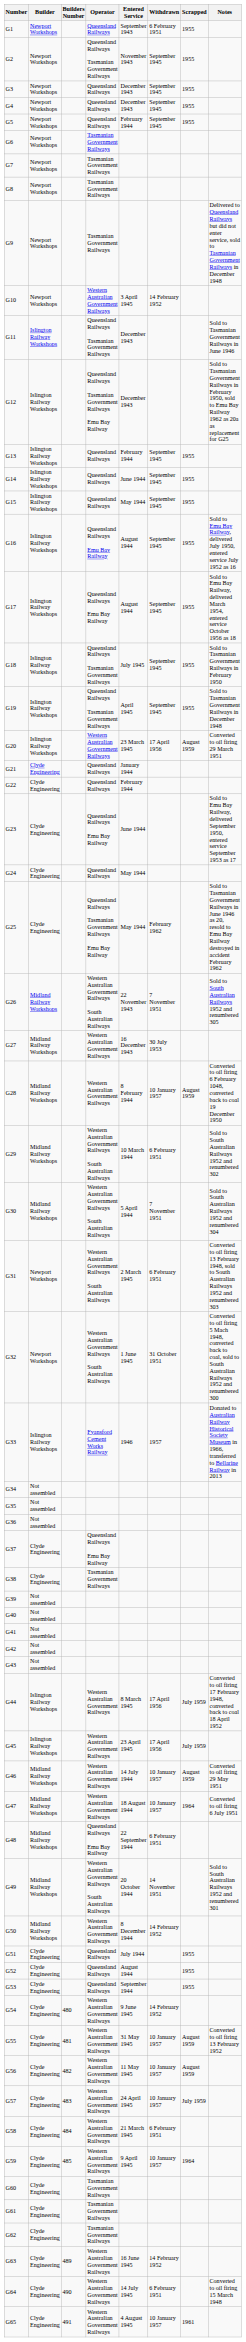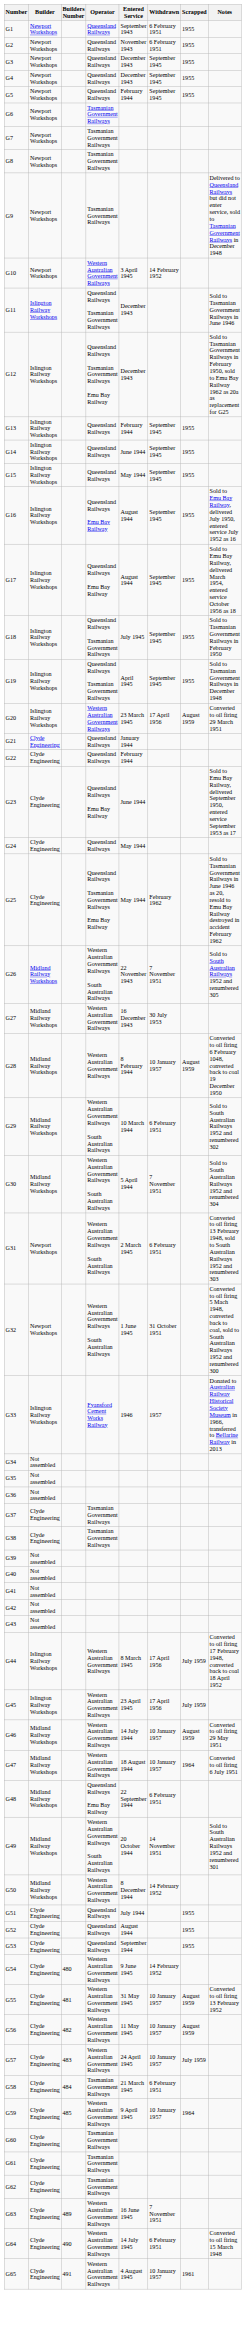 <table class="wikitable mw-collapsible mw-collapsed">
 <tr>
 <th>Number</th>
 <th>Builder</th>
 <th>Builders Number</th>
 <th>Operator</th>
 <th>Entered Service</th>
 <th>Withdrawn</th>
 <th>Scrapped</th>
 <th>Notes</th>
 </tr>
 <tr>
 <td>G1</td>
 <td><a href='#'>Newport Workshops</a></td>
 <td></td>
 <td><a href='#'>Queensland Railways</a></td>
 <td>September 1943</td>
 <td>6 February 1951</td>
 <td>1955</td>
 <td></td>
 </tr>
 <tr>
 <td>G2</td>
 <td>Newport Workshops</td>
 <td></td>
-<td>Queensland Railways<br><br>Tasmanian Government Railways</td>
+<td>Queensland Railways</td>
 <td>November 1943</td>
-<td>September 1945</td>
+<td>6 February 1951</td>
 <td>1955</td>
 <td></td>
 </tr>
 <tr>
 <td>G3</td>
 <td>Newport Workshops</td>
 <td></td>
 <td>Queensland Railways</td>
 <td>December 1943</td>
 <td>September 1945</td>
 <td>1955</td>
 <td></td>
 </tr>
 <tr>
 <td>G4</td>
 <td>Newport Workshops</td>
 <td></td>
 <td>Queensland Railways</td>
 <td>December 1943</td>
 <td>September 1945</td>
 <td>1955</td>
 <td></td>
 </tr>
 <tr>
 <td>G5</td>
 <td>Newport Workshops</td>
 <td></td>
 <td>Queensland Railways</td>
 <td>February 1944</td>
 <td>September 1945</td>
 <td>1955</td>
 <td></td>
 </tr>
 <tr>
 <td>G6</td>
 <td>Newport Workshops</td>
 <td></td>
 <td><a href='#'>Tasmanian Government Railways</a></td>
 <td></td>
 <td></td>
 <td></td>
 <td></td>
 </tr>
 <tr>
 <td>G7</td>
 <td>Newport Workshops</td>
 <td></td>
 <td>Tasmanian Government Railways</td>
 <td></td>
 <td></td>
 <td></td>
 <td></td>
 </tr>
 <tr>
 <td>G8</td>
 <td>Newport Workshops</td>
 <td></td>
 <td>Tasmanian Government Railways</td>
 <td></td>
 <td></td>
 <td></td>
 <td></td>
 </tr>
 <tr>
 <td>G9</td>
 <td>Newport Workshops</td>
 <td></td>
 <td>Tasmanian Government Railways</td>
 <td></td>
 <td></td>
 <td></td>
 <td>Delivered to <a href='#'>Queensland Railways</a> but did not enter service, sold to <a href='#'>Tasmanian Government Railways</a> in December 1948</td>
 </tr>
 <tr>
 <td>G10</td>
 <td>Newport Workshops</td>
 <td></td>
 <td><a href='#'>Western Australian Government Railways</a></td>
 <td>3 April 1945</td>
 <td>14 February 1952</td>
 <td></td>
 <td></td>
 </tr>
 <tr>
 <td>G11</td>
 <td><a href='#'>Islington Railway Workshops</a></td>
 <td></td>
 <td>Queensland Railways<br><br>Tasmanian Government Railways</td>
 <td>December 1943</td>
 <td></td>
 <td></td>
 <td>Sold to Tasmanian Government Railways in June 1946</td>
 </tr>
 <tr>
 <td>G12</td>
 <td>Islington Railway Workshops</td>
 <td></td>
 <td>Queensland Railways<br><br>Tasmanian Government Railways<br><br>Emu Bay Railway</td>
 <td>December 1943</td>
 <td></td>
 <td></td>
 <td>Sold to Tasmanian Government Railways in February 1950, sold to Emu Bay Railway 1962 as 20a as replacement for G25</td>
 </tr>
 <tr>
 <td>G13</td>
 <td>Islington Railway Workshops</td>
 <td></td>
 <td>Queensland Railways</td>
 <td>February 1944</td>
 <td>September 1945</td>
 <td>1955</td>
 <td></td>
 </tr>
 <tr>
 <td>G14</td>
 <td>Islington Railway Workshops</td>
 <td></td>
 <td>Queensland Railways</td>
 <td>June 1944</td>
 <td>September 1945</td>
 <td>1955</td>
 <td></td>
 </tr>
 <tr>
 <td>G15</td>
 <td>Islington Railway Workshops</td>
 <td></td>
 <td>Queensland Railways</td>
 <td>May 1944</td>
 <td>September 1945</td>
 <td>1955</td>
 <td></td>
 </tr>
 <tr>
 <td>G16</td>
 <td>Islington Railway Workshops</td>
 <td></td>
 <td>Queensland Railways<br><br><a href='#'>Emu Bay Railway</a></td>
 <td>August 1944</td>
 <td>September 1945</td>
 <td>1955</td>
 <td>Sold to <a href='#'>Emu Bay Railway</a>, delivered July 1950, entered service July 1952 as 16</td>
 </tr>
 <tr>
 <td>G17</td>
 <td>Islington Railway Workshops</td>
 <td></td>
 <td>Queensland Railways<br><br>Emu Bay Railway</td>
 <td>August 1944</td>
 <td>September 1945</td>
 <td>1955</td>
 <td>Sold to Emu Bay Railway, delivered March 1954, entered service October 1956 as 18</td>
 </tr>
 <tr>
 <td>G18</td>
 <td>Islington Railway Workshops</td>
 <td></td>
 <td>Queensland Railways<br><br>Tasmanian Government Railways</td>
 <td>July 1945</td>
 <td>September 1945</td>
 <td>1955</td>
 <td>Sold to Tasmanian Government Railways in February 1950</td>
 </tr>
 <tr>
 <td>G19</td>
 <td>Islington Railway Workshops</td>
 <td></td>
 <td>Queensland Railways<br><br>Tasmanian Government Railways</td>
 <td>April 1945</td>
 <td>September 1945</td>
 <td>1955</td>
 <td>Sold to Tasmanian Government Railways in December 1948</td>
 </tr>
 <tr>
 <td>G20</td>
 <td>Islington Railway Workshops</td>
 <td></td>
 <td><a href='#'>Western Australian Government Railways</a></td>
 <td>23 March 1945</td>
 <td>17 April 1956</td>
 <td>August 1959</td>
 <td>Converted to oil firing 29 March 1951</td>
 </tr>
 <tr>
 <td>G21</td>
 <td><a href='#'>Clyde Engineering</a></td>
 <td></td>
 <td>Queensland Railways</td>
 <td>January 1944</td>
 <td></td>
 <td></td>
 <td></td>
 </tr>
 <tr>
 <td>G22</td>
 <td>Clyde Engineering</td>
 <td></td>
 <td>Queensland Railways</td>
 <td>February 1944</td>
 <td></td>
 <td></td>
 <td></td>
 </tr>
 <tr>
 <td>G23</td>
 <td>Clyde Engineering</td>
 <td></td>
 <td>Queensland Railways<br><br>Emu Bay Railway</td>
 <td>June 1944</td>
 <td></td>
 <td></td>
 <td>Sold to Emu Bay Railway, delivered September 1950, entered service September 1953 as 17</td>
 </tr>
 <tr>
 <td>G24</td>
 <td>Clyde Engineering</td>
 <td></td>
 <td>Queensland Railways</td>
 <td>May 1944</td>
 <td></td>
 <td></td>
 <td></td>
 </tr>
 <tr>
 <td>G25</td>
 <td>Clyde Engineering</td>
 <td></td>
 <td>Queensland Railways<br><br>Tasmanian Government Railways<br><br>Emu Bay Railway</td>
 <td>May 1944</td>
 <td>February 1962</td>
 <td></td>
 <td>Sold to Tasmanian Government Railways in June 1946 as 20, resold to Emu Bay Railway destroyed in accident February 1962</td>
 </tr>
 <tr>
 <td>G26</td>
 <td><a href='#'>Midland Railway Workshops</a></td>
 <td></td>
 <td>Western Australian Government Railways<br><br>South Australian Railways</td>
 <td>22 November 1943</td>
 <td>7 November 1951</td>
 <td></td>
 <td>Sold to <a href='#'>South Australian Railways</a> 1952 and renumbered 305</td>
 </tr>
 <tr>
 <td>G27</td>
 <td>Midland Railway Workshops</td>
 <td></td>
 <td>Western Australian Government Railways</td>
 <td>16 December 1943</td>
 <td>30 July 1953</td>
 <td></td>
 <td></td>
 </tr>
 <tr>
 <td>G28</td>
 <td>Midland Railway Workshops</td>
 <td></td>
 <td>Western Australian Government Railways</td>
 <td>8 February 1944</td>
 <td>10 January 1957</td>
 <td>August 1959</td>
 <td>Converted to oil firing 6 February 1048, converted back to coal 19 December 1950</td>
 </tr>
 <tr>
 <td>G29</td>
 <td>Midland Railway Workshops</td>
 <td></td>
 <td>Western Australian Government Railways<br><br>South Australian Railways</td>
 <td>10 March 1944</td>
 <td>6 February 1951</td>
 <td></td>
 <td>Sold to South Australian Railways 1952 and renumbered 302</td>
 </tr>
 <tr>
 <td>G30</td>
 <td>Midland Railway Workshops</td>
 <td></td>
 <td>Western Australian Government Railways<br><br>South Australian Railways</td>
 <td>5 April 1944</td>
 <td>7 November 1951</td>
 <td></td>
 <td>Sold to South Australian Railways 1952 and renumbered 304</td>
 </tr>
 <tr>
 <td>G31</td>
 <td>Newport Workshops</td>
 <td></td>
 <td>Western Australian Government Railways<br><br>South Australian Railways</td>
 <td>2 March 1945</td>
 <td>6 February 1951</td>
 <td></td>
 <td>Converted to oil firing 13 February 1948, sold to South Australian Railways 1952 and renumbered 303</td>
 </tr>
 <tr>
 <td>G32</td>
 <td>Newport Workshops</td>
 <td></td>
 <td>Western Australian Government Railways<br><br>South Australian Railways</td>
 <td>1 June 1945</td>
 <td>31 October 1951</td>
 <td></td>
 <td>Converted to oil firing 5 Mach 1948, converted back to coal, sold to South Australian Railways 1952 and renumbered 300</td>
 </tr>
 <tr>
 <td>G33</td>
 <td>Islington Railway Workshops</td>
 <td></td>
 <td><a href='#'>Fyansford Cement Works Railway</a></td>
 <td>1946</td>
 <td>1957</td>
 <td></td>
 <td>Donated to <a href='#'>Australian Railway Historical Society Museum</a> in 1966, transferred to <a href='#'>Bellarine Railway</a> in 2013</td>
 </tr>
 <tr>
 <td>G34</td>
 <td>Not assembled</td>
 <td></td>
 <td></td>
 <td></td>
 <td></td>
 <td></td>
 <td></td>
 </tr>
 <tr>
 <td>G35</td>
 <td>Not assembled</td>
 <td></td>
 <td></td>
 <td></td>
 <td></td>
 <td></td>
 <td></td>
 </tr>
 <tr>
 <td>G36</td>
 <td>Not assembled</td>
 <td></td>
 <td></td>
 <td></td>
 <td></td>
 <td></td>
 <td></td>
 </tr>
 <tr>
 <td>G37</td>
 <td>Clyde Engineering</td>
 <td></td>
-<td>Queensland Railways<br><br>Emu Bay Railway</td>
+<td>Tasmanian Government Railways</td>
 <td></td>
 <td></td>
 <td></td>
 <td></td>
 </tr>
 <tr>
 <td>G38</td>
 <td>Clyde Engineering</td>
 <td></td>
 <td>Tasmanian Government Railways</td>
 <td></td>
 <td></td>
 <td></td>
 <td></td>
 </tr>
 <tr>
 <td>G39</td>
 <td>Not assembled</td>
 <td></td>
 <td></td>
 <td></td>
 <td></td>
 <td></td>
 <td></td>
 </tr>
 <tr>
 <td>G40</td>
 <td>Not assembled</td>
 <td></td>
 <td></td>
 <td></td>
 <td></td>
 <td></td>
 <td></td>
 </tr>
 <tr>
 <td>G41</td>
 <td>Not assembled</td>
 <td></td>
 <td></td>
 <td></td>
 <td></td>
 <td></td>
 <td></td>
 </tr>
 <tr>
 <td>G42</td>
 <td>Not assembled</td>
 <td></td>
 <td></td>
 <td></td>
 <td></td>
 <td></td>
 <td></td>
 </tr>
 <tr>
 <td>G43</td>
 <td>Not assembled</td>
 <td></td>
 <td></td>
 <td></td>
 <td></td>
 <td></td>
 <td></td>
 </tr>
 <tr>
 <td>G44</td>
 <td>Islington Railway Workshops</td>
 <td></td>
 <td>Western Australian Government Railways</td>
 <td>8 March 1945</td>
 <td>17 April 1956</td>
 <td>July 1959</td>
 <td>Converted to oil firing 17 February 1948, converted back to coal 18 April 1952</td>
 </tr>
 <tr>
 <td>G45</td>
 <td>Islington Railway Workshops</td>
 <td></td>
 <td>Western Australian Government Railways</td>
 <td>23 April 1945</td>
 <td>17 April 1956</td>
 <td>July 1959</td>
 <td></td>
 </tr>
 <tr>
 <td>G46</td>
 <td>Midland Railway Workshops</td>
 <td></td>
 <td>Western Australian Government Railways</td>
 <td>14 July 1944</td>
 <td>10 January 1957</td>
 <td>August 1959</td>
 <td>Converted to oil firing 29 May 1951</td>
 </tr>
 <tr>
 <td>G47</td>
 <td>Midland Railway Workshops</td>
 <td></td>
 <td>Western Australian Government Railways</td>
 <td>18 August 1944</td>
 <td>10 January 1957</td>
 <td>1964</td>
 <td>Converted to oil firing 6 July 1951</td>
 </tr>
 <tr>
 <td>G48</td>
 <td>Midland Railway Workshops</td>
 <td></td>
 <td>Queensland Railways<br><br>Emu Bay Railway</td>
 <td>22 September 1944</td>
 <td>6 February 1951</td>
 <td></td>
 <td></td>
 </tr>
 <tr>
 <td>G49</td>
 <td>Midland Railway Workshops</td>
 <td></td>
 <td>Western Australian Government Railways<br><br>South Australian Railways</td>
 <td>20 October 1944</td>
 <td>14 November 1951</td>
 <td></td>
 <td>Sold to South Australian Railways 1952 and renumbered 301</td>
 </tr>
 <tr>
 <td>G50</td>
 <td>Midland Railway Workshops</td>
 <td></td>
 <td>Western Australian Government Railways</td>
 <td>8 December 1944</td>
 <td>14 February 1952</td>
 <td></td>
 <td></td>
 </tr>
 <tr>
 <td>G51</td>
 <td>Clyde Engineering</td>
 <td></td>
 <td>Queensland Railways</td>
 <td>July 1944</td>
 <td></td>
 <td>1955</td>
 <td></td>
 </tr>
 <tr>
 <td>G52</td>
 <td>Clyde Engineering</td>
 <td></td>
 <td>Queensland Railways</td>
 <td>August 1944</td>
 <td></td>
 <td>1955</td>
 <td></td>
 </tr>
 <tr>
 <td>G53</td>
 <td>Clyde Engineering</td>
 <td></td>
 <td>Queensland Railways</td>
 <td>September 1944</td>
 <td></td>
 <td>1955</td>
 <td></td>
 </tr>
 <tr>
 <td>G54</td>
 <td>Clyde Engineering</td>
 <td>480</td>
 <td>Western Australian Government Railways</td>
 <td>9 June 1945</td>
 <td>14 February 1952</td>
 <td></td>
 <td></td>
 </tr>
 <tr>
 <td>G55</td>
 <td>Clyde Engineering</td>
 <td>481</td>
 <td>Western Australian Government Railways</td>
 <td>31 May 1945</td>
 <td>10 January 1957</td>
 <td>August 1959</td>
 <td>Converted to oil firing 13 February 1952</td>
 </tr>
 <tr>
 <td>G56</td>
 <td>Clyde Engineering</td>
 <td>482</td>
 <td>Western Australian Government Railways</td>
 <td>11 May 1945</td>
 <td>10 January 1957</td>
 <td>August 1959</td>
 <td></td>
 </tr>
 <tr>
 <td>G57</td>
 <td>Clyde Engineering</td>
 <td>483</td>
 <td>Western Australian Government Railways</td>
 <td>24 April 1945</td>
 <td>10 January  1957</td>
 <td>July 1959</td>
 <td></td>
 </tr>
 <tr>
 <td>G58</td>
 <td>Clyde Engineering</td>
 <td>484</td>
-<td>Western Australian Government Railways</td>
+<td>Tasmanian Government Railways</td>
 <td>21 March 1945</td>
 <td>6 February 1951</td>
 <td></td>
 <td></td>
 </tr>
 <tr>
 <td>G59</td>
 <td>Clyde Engineering</td>
 <td>485</td>
 <td>Western Australian Government Railways</td>
 <td>9 April 1945</td>
 <td>10 January 1957</td>
 <td>1964</td>
 <td></td>
 </tr>
 <tr>
 <td>G60</td>
 <td>Clyde Engineering</td>
 <td></td>
 <td>Tasmanian Government Railways</td>
 <td></td>
 <td></td>
 <td></td>
 <td></td>
 </tr>
 <tr>
 <td>G61</td>
 <td>Clyde Engineering</td>
 <td></td>
 <td>Tasmanian Government Railways</td>
 <td></td>
 <td></td>
 <td></td>
 <td></td>
 </tr>
 <tr>
 <td>G62</td>
 <td>Clyde Engineering</td>
 <td></td>
 <td>Tasmanian Government Railways</td>
 <td></td>
 <td></td>
 <td></td>
 <td></td>
 </tr>
 <tr>
 <td>G63</td>
 <td>Clyde Engineering</td>
 <td>489</td>
 <td>Western Australian Government Railways</td>
 <td>16 June 1945</td>
-<td>14 February 1952</td>
+<td>7 November 1951</td>
 <td></td>
 <td></td>
 </tr>
 <tr>
 <td>G64</td>
 <td>Clyde Engineering</td>
 <td>490</td>
 <td>Western Australian Government Railways</td>
 <td>14 July 1945</td>
 <td>6 February 1951</td>
 <td></td>
 <td>Converted to oil firing 15 March 1948</td>
 </tr>
 <tr>
 <td>G65</td>
 <td>Clyde Engineering</td>
 <td>491</td>
 <td>Western Australian Government Railways</td>
 <td>4 August 1945</td>
 <td>10 January 1957</td>
 <td>1961</td>
 <td></td>
 </tr>
 </table>
